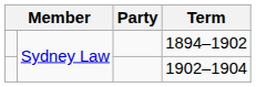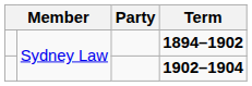 <table class="wikitable">
 <tr>
 <th colspan="2"><strong>Member</strong></th>
 <th><strong>Party</strong></th>
 <th><strong>Term</strong></th>
 </tr>
 <tr>
 <td> </td>
 <td rowspan="2"><a href='#'>Sydney Law</a></td>
 <td></td>
-<td>1894–1902</td>
+<td><strong>1894–1902</strong></td>
 </tr>
 <tr>
 <td> </td>
 <td></td>
-<td>1902–1904</td>
+<td><strong>1902–1904</strong></td>
 </tr>
 </table>
